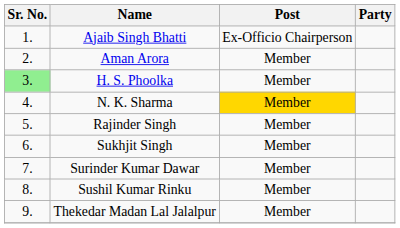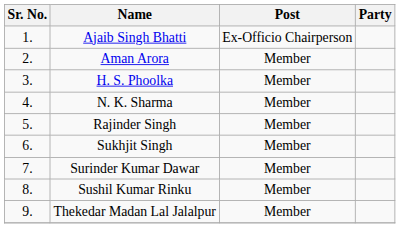 <table class="wikitable sortable">
 <tr>
 <th>Sr. No.</th>
 <th>Name</th>
 <th>Post</th>
 <th colspan="2">Party</th>
 </tr>
 <tr align="center">
 <td>1.</td>
 <td><a href='#'>Ajaib Singh Bhatti</a></td>
 <td>Ex-Officio Chairperson</td>
 <td></td>
 </tr>
 <tr align="center">
 <td>2.</td>
 <td><a href='#'>Aman Arora</a></td>
 <td>Member</td>
 <td></td>
 </tr>
 <tr align="center">
-<td style="background: lightgreen;">3.</td>
+<td>3.</td>
 <td><a href='#'>H. S. Phoolka</a></td>
 <td>Member</td>
 <td></td>
 </tr>
 <tr align="center">
 <td>4.</td>
 <td>N. K. Sharma</td>
-<td style="background: gold;">Member</td>
+<td>Member</td>
 <td></td>
 </tr>
 <tr align="center">
 <td>5.</td>
 <td>Rajinder Singh</td>
 <td>Member</td>
 <td></td>
 </tr>
 <tr align="center">
 <td>6.</td>
 <td>Sukhjit Singh</td>
 <td>Member</td>
 <td></td>
 </tr>
 <tr align="center">
 <td>7.</td>
 <td>Surinder Kumar Dawar</td>
 <td>Member</td>
 <td></td>
 </tr>
 <tr align="center">
 <td>8.</td>
 <td>Sushil Kumar Rinku</td>
 <td>Member</td>
 <td></td>
 </tr>
 <tr align="center">
 <td>9.</td>
 <td>Thekedar Madan Lal Jalalpur</td>
 <td>Member</td>
 <td></td>
 </tr>
 <tr align="center">
 </tr>
 </table>
